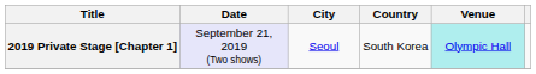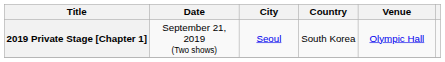 <table class="wikitable plainrowheaders" style="text-align:center;">
 <tr>
 <th>Title</th>
 <th width="140">Date</th>
 <th width="90">City</th>
 <th width="90">Country</th>
 <th width="120">Venue</th>
 <th scope="col" class="unsortable"></th>
 </tr>
 <tr>
 <th scope="row" style="text-align:center;">2019 Private Stage [Chapter 1]</th>
-<td style="background: lavender;">September 21, 2019 <br> <small>(Two shows)</small></td>
+<td>September 21, 2019 <br> <small>(Two shows)</small></td>
 <td><a href='#'>Seoul</a></td>
 <td>South Korea</td>
-<td style="background: paleturquoise;"><a href='#'>Olympic Hall</a></td>
+<td><a href='#'>Olympic Hall</a></td>
 <td></td>
 </tr>
 <tr>
 </tr>
 </table>
